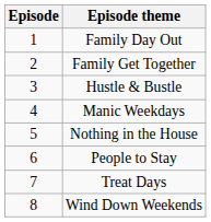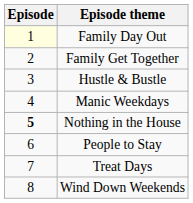 <table class="wikitable" style="text-align:center;">
 <tr>
 <th>Episode</th>
 <th>Episode theme</th>
 </tr>
 <tr>
-<td>1</td>
+<td style="background: lightyellow;">1</td>
 <td>Family Day Out</td>
 </tr>
 <tr>
 <td>2</td>
 <td>Family Get Together</td>
 </tr>
 <tr>
 <td>3</td>
 <td>Hustle & Bustle</td>
 </tr>
 <tr>
 <td>4</td>
 <td>Manic Weekdays</td>
 </tr>
 <tr>
-<td>5</td>
+<td><strong>5</strong></td>
 <td>Nothing in the House</td>
 </tr>
 <tr>
 <td>6</td>
 <td>People to Stay</td>
 </tr>
 <tr>
 <td>7</td>
 <td>Treat Days</td>
 </tr>
 <tr>
 <td>8</td>
 <td>Wind Down Weekends</td>
 </tr>
 </table>
